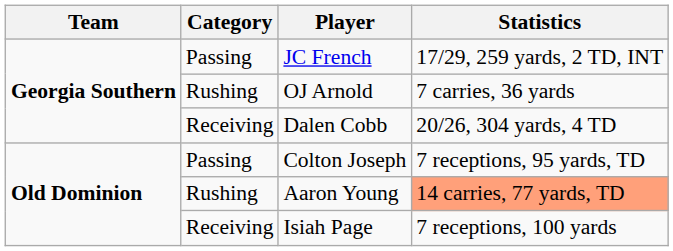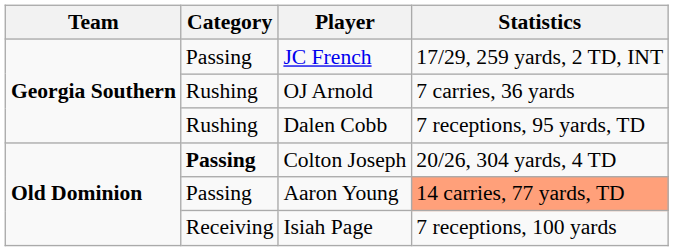 <table class="wikitable" style="float: right;">
 <tr>
 <th>Team</th>
 <th>Category</th>
 <th>Player</th>
 <th>Statistics</th>
 </tr>
 <tr>
 <td rowspan=3><strong>Georgia Southern</strong></td>
 <td>Passing</td>
 <td><a href='#'>JC French</a></td>
 <td>17/29, 259 yards, 2 TD, INT</td>
 </tr>
 <tr>
 <td>Rushing</td>
 <td>OJ Arnold</td>
 <td>7 carries, 36 yards</td>
 </tr>
 <tr>
-<td>Receiving</td>
+<td>Rushing</td>
 <td>Dalen Cobb</td>
+<td>7 receptions, 95 yards, TD</td>
+</tr>
+<tr>
+<td rowspan=3><strong>Old Dominion</strong></td>
+<td><strong>Passing</strong></td>
+<td>Colton Joseph</td>
 <td>20/26, 304 yards, 4 TD</td>
 </tr>
 <tr>
-<td rowspan=3><strong>Old Dominion</strong></td>
 <td>Passing</td>
-<td>Colton Joseph</td>
-<td>7 receptions, 95 yards, TD</td>
-</tr>
-<tr>
-<td>Rushing</td>
 <td>Aaron Young</td>
 <td style="background: lightsalmon;">14 carries, 77 yards, TD</td>
 </tr>
 <tr>
 <td>Receiving</td>
 <td>Isiah Page</td>
 <td>7 receptions, 100 yards</td>
 </tr>
 </table>
